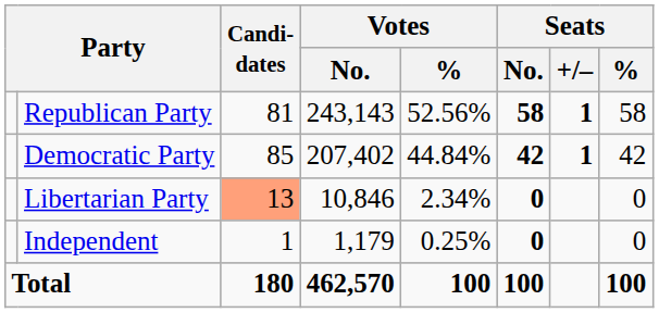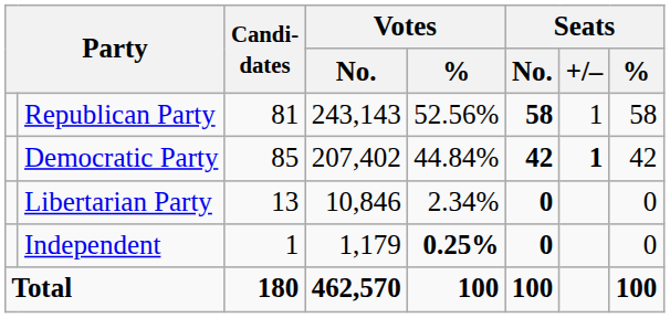 <table class="wikitable" style="font-size:100%; text-align:right;">
 <tr>
 <th colspan=2 rowspan=2>Party</th>
 <th rowspan=2><small>Candi-<br>dates</small></th>
 <th colspan=2>Votes</th>
 <th colspan=3>Seats</th>
 </tr>
 <tr>
 <th>No.</th>
 <th>%</th>
 <th>No.</th>
 <th>+/–</th>
 <th>%</th>
 </tr>
 <tr>
 <td style="background:"></td>
 <td style="text-align:left"><a href='#'>Republican Party</a></td>
 <td>81</td>
 <td>243,143</td>
 <td>52.56%</td>
 <td><strong>58</strong></td>
-<td><strong>1</strong></td>
+<td>1</td>
 <td>58</td>
 </tr>
 <tr>
 <td style="background:"></td>
 <td style="text-align:left"><a href='#'>Democratic Party</a></td>
 <td>85</td>
 <td>207,402</td>
 <td>44.84%</td>
 <td><strong>42</strong></td>
 <td><strong>1</strong></td>
 <td>42</td>
 </tr>
 <tr>
 <td style="background:"></td>
 <td style="text-align:left"><a href='#'>Libertarian Party</a></td>
-<td style="background: lightsalmon;">13</td>
+<td>13</td>
 <td>10,846</td>
 <td>2.34%</td>
 <td><strong>0</strong></td>
 <td></td>
 <td>0</td>
 </tr>
 <tr>
 <td style="background:"></td>
 <td style="text-align:left"><a href='#'>Independent</a></td>
 <td>1</td>
 <td>1,179</td>
-<td>0.25%</td>
+<td><strong>0.25%</strong></td>
 <td><strong>0</strong></td>
 <td></td>
 <td>0</td>
 </tr>
 <tr style="font-weight:bold">
 <td colspan=2 style="text-align:left">Total</td>
 <td>180</td>
 <td>462,570</td>
 <td>100</td>
 <td>100</td>
 <td></td>
 <td>100</td>
 </tr>
 </table>
